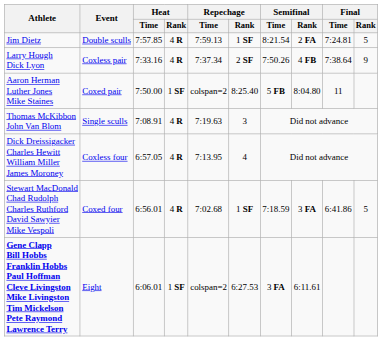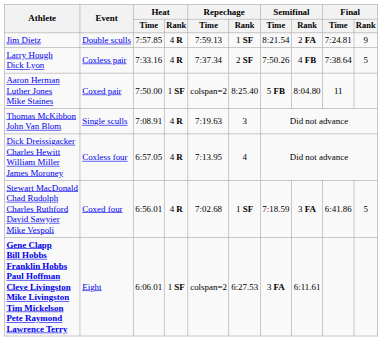 <table class=wikitable style=font-size:90%;text-align:center>
 <tr>
 <th rowspan=2>Athlete</th>
 <th rowspan=2>Event</th>
 <th colspan=2>Heat</th>
 <th colspan=2>Repechage</th>
 <th colspan=2>Semifinal</th>
 <th colspan=2>Final</th>
 </tr>
 <tr style=font-size:95%>
 <th>Time</th>
 <th>Rank</th>
 <th>Time</th>
 <th>Rank</th>
 <th>Time</th>
 <th>Rank</th>
 <th>Time</th>
 <th>Rank</th>
 </tr>
 <tr>
 <td align=left><a href='#'>Jim Dietz</a></td>
 <td align=left><a href='#'>Double sculls</a></td>
 <td>7:57.85</td>
 <td>4 <strong>R</strong></td>
 <td>7:59.13</td>
 <td>1 <strong>SF</strong></td>
 <td>8:21.54</td>
 <td>2 <strong>FA</strong></td>
 <td>7:24.81</td>
-<td>5</td>
+<td>9</td>
 </tr>
 <tr>
 <td align=left><a href='#'>Larry Hough</a><br><a href='#'>Dick Lyon</a></td>
 <td align=left><a href='#'>Coxless pair</a></td>
 <td>7:33.16</td>
 <td>4 <strong>R</strong></td>
 <td>7:37.34</td>
 <td>2 <strong>SF</strong></td>
 <td>7:50.26</td>
 <td>4 <strong>FB</strong></td>
 <td>7:38.64</td>
-<td>9</td>
+<td>5</td>
 </tr>
 <tr>
 <td align=left><a href='#'>Aaron Herman</a><br><a href='#'>Luther Jones</a><br><a href='#'>Mike Staines</a></td>
 <td align=left><a href='#'>Coxed pair</a></td>
 <td>7:50.00</td>
 <td>1 <strong>SF</strong></td>
 <td>colspan=2 </td>
 <td>8:25.40</td>
 <td>5 <strong>FB</strong></td>
 <td>8:04.80</td>
 <td>11</td>
 </tr>
 <tr>
 <td align=left><a href='#'>Thomas McKibbon</a><br><a href='#'>John Van Blom</a></td>
 <td align=left><a href='#'>Single sculls</a></td>
 <td>7:08.91</td>
 <td>4 <strong>R</strong></td>
 <td>7:19.63</td>
 <td>3</td>
 <td colspan=4>Did not advance</td>
 </tr>
 <tr>
 <td align=left><a href='#'>Dick Dreissigacker</a><br><a href='#'>Charles Hewitt</a><br><a href='#'>William Miller</a><br><a href='#'>James Moroney</a></td>
 <td align=left><a href='#'>Coxless four</a></td>
 <td>6:57.05</td>
 <td>4 <strong>R</strong></td>
 <td>7:13.95</td>
 <td>4</td>
 <td colspan=4>Did not advance</td>
 </tr>
 <tr>
 <td align=left><a href='#'>Stewart MacDonald</a><br><a href='#'>Chad Rudolph</a><br><a href='#'>Charles Ruthford</a><br><a href='#'>David Sawyier</a><br><a href='#'>Mike Vespoli</a></td>
 <td align=left><a href='#'>Coxed four</a></td>
 <td>6:56.01</td>
 <td>4 <strong>R</strong></td>
 <td>7:02.68</td>
 <td>1 <strong>SF</strong></td>
 <td>7:18.59</td>
 <td>3 <strong>FA</strong></td>
 <td>6:41.86</td>
 <td>5</td>
 </tr>
 <tr>
 <td align=left><strong><a href='#'>Gene Clapp</a><br><a href='#'>Bill Hobbs</a><br><a href='#'>Franklin Hobbs</a><br><a href='#'>Paul Hoffman</a><br><a href='#'>Cleve Livingston</a><br><a href='#'>Mike Livingston</a><br><a href='#'>Tim Mickelson</a><br><a href='#'>Pete Raymond</a><br><a href='#'>Lawrence Terry</a></strong></td>
 <td align=left><a href='#'>Eight</a></td>
 <td>6:06.01</td>
 <td>1 <strong>SF</strong></td>
 <td>colspan=2 </td>
 <td>6:27.53</td>
 <td>3 <strong>FA</strong></td>
 <td>6:11.61</td>
 <td></td>
 </tr>
 </table>
